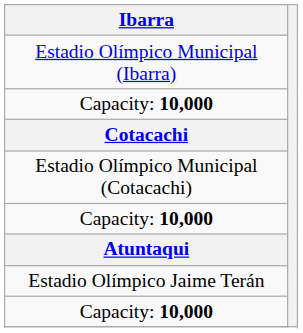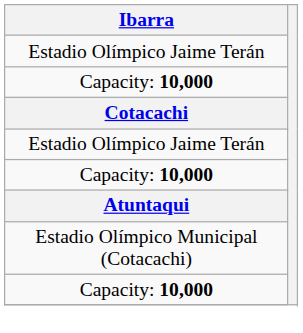 <table class=wikitable style="text-align:center">
 <tr>
 <th width=225><a href='#'>Ibarra</a></th>
 <th rowspan=17></th>
 </tr>
 <tr>
-<td><a href='#'>Estadio Olímpico Municipal (Ibarra)</a></td>
+<td>Estadio Olímpico Jaime Terán</td>
 </tr>
 <tr>
 <td>Capacity: <strong>10,000</strong></td>
 </tr>
 <tr>
 <th><a href='#'>Cotacachi</a></th>
 </tr>
 <tr>
-<td>Estadio Olímpico Municipal (Cotacachi)</td>
+<td>Estadio Olímpico Jaime Terán</td>
 </tr>
 <tr>
 <td>Capacity: <strong>10,000</strong></td>
 </tr>
 <tr>
 <th><a href='#'>Atuntaqui</a></th>
 </tr>
 <tr>
-<td>Estadio Olímpico Jaime Terán</td>
+<td>Estadio Olímpico Municipal (Cotacachi)</td>
 </tr>
 <tr>
 <td>Capacity: <strong>10,000</strong></td>
 </tr>
 <tr>
 </tr>
 </table>
